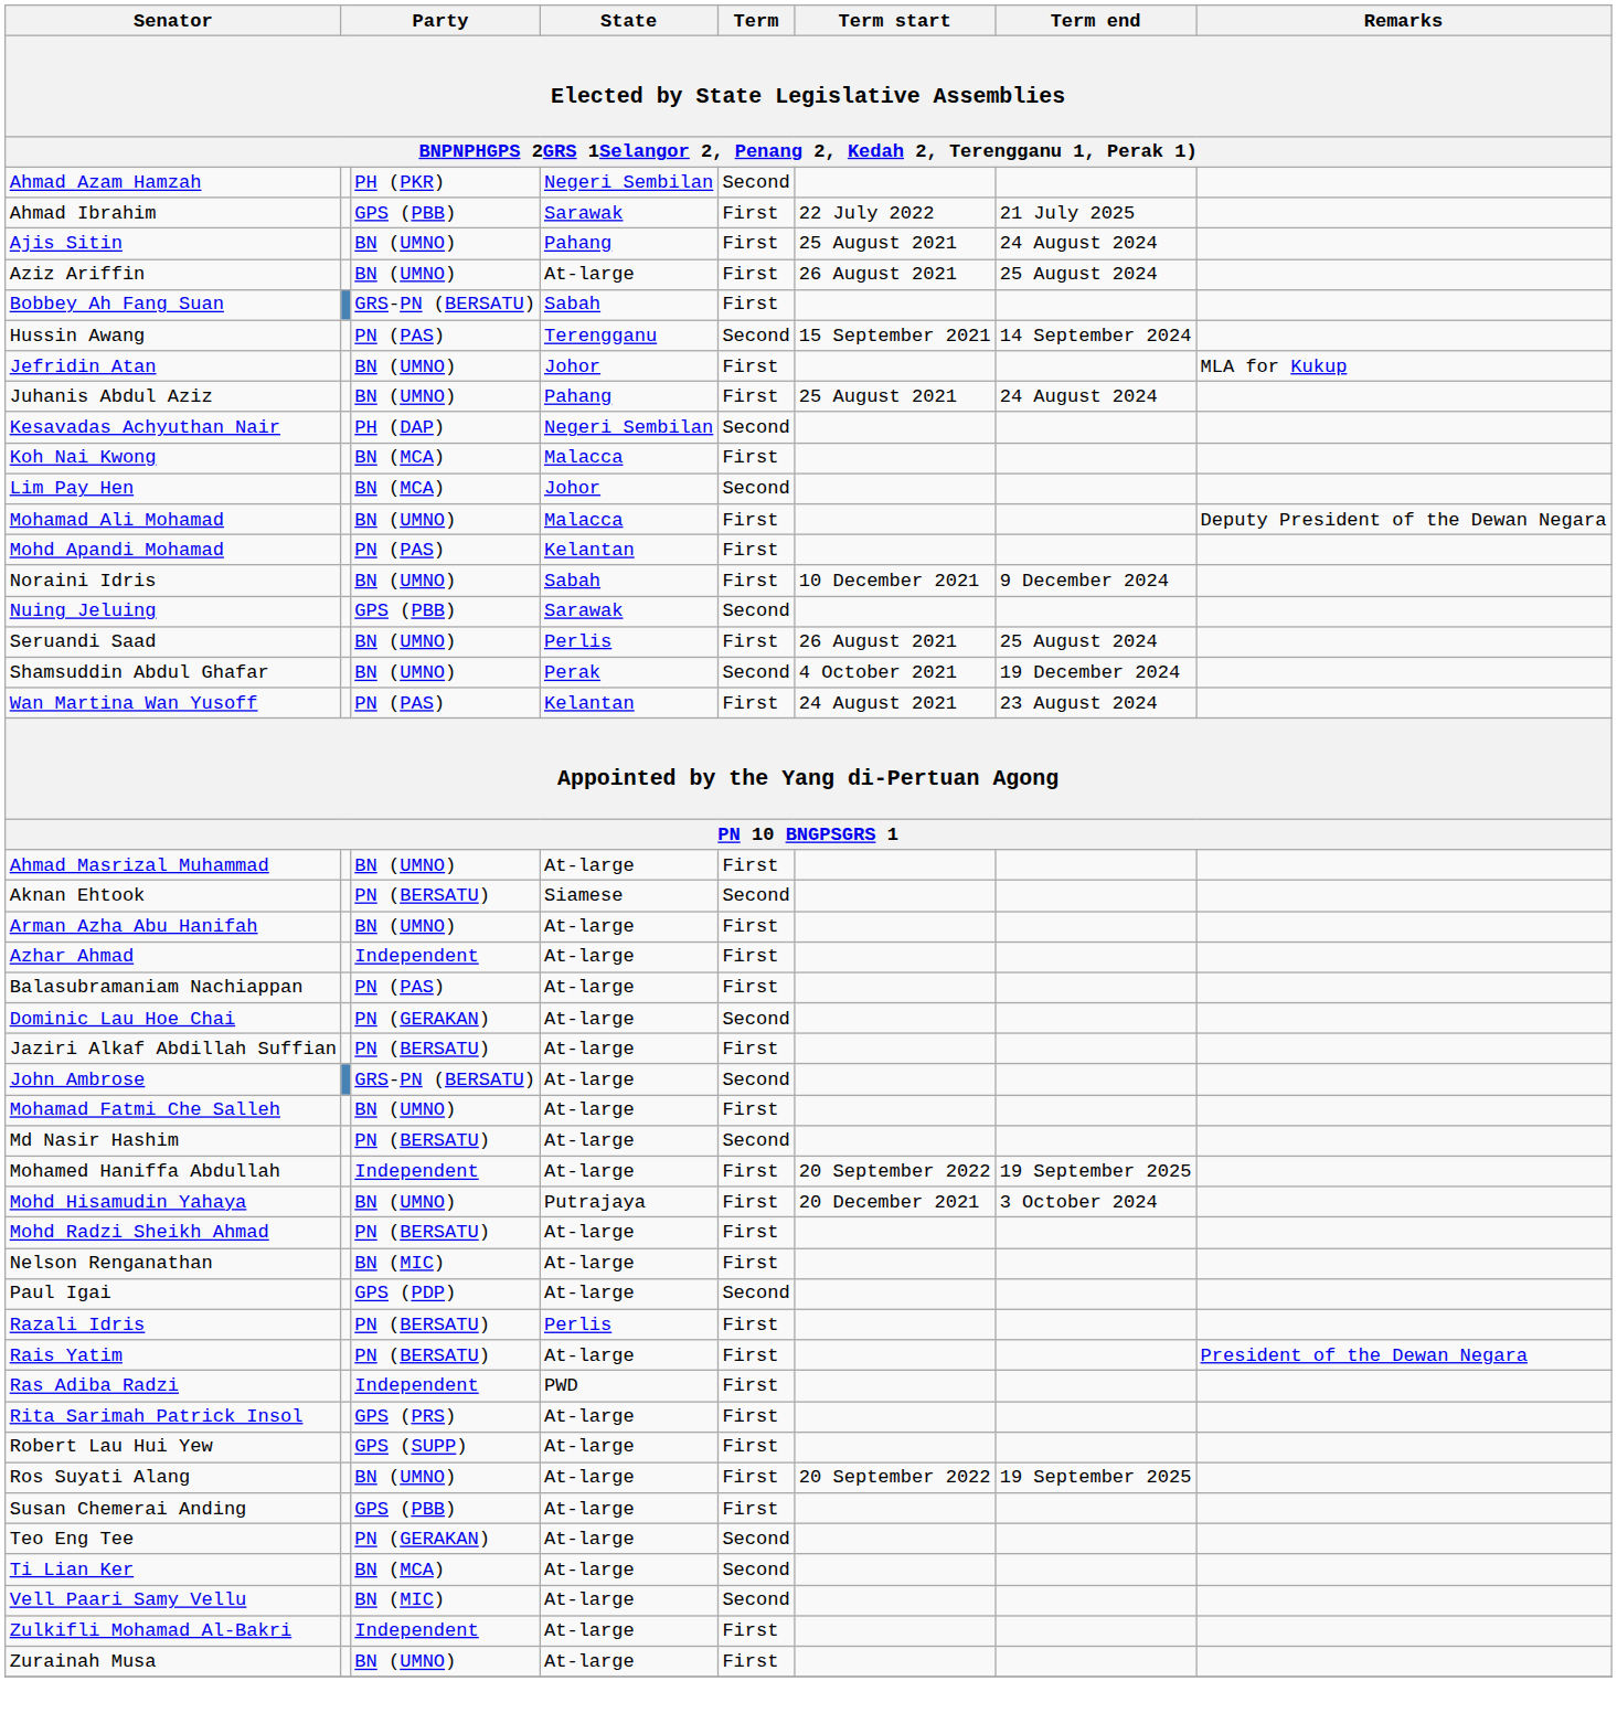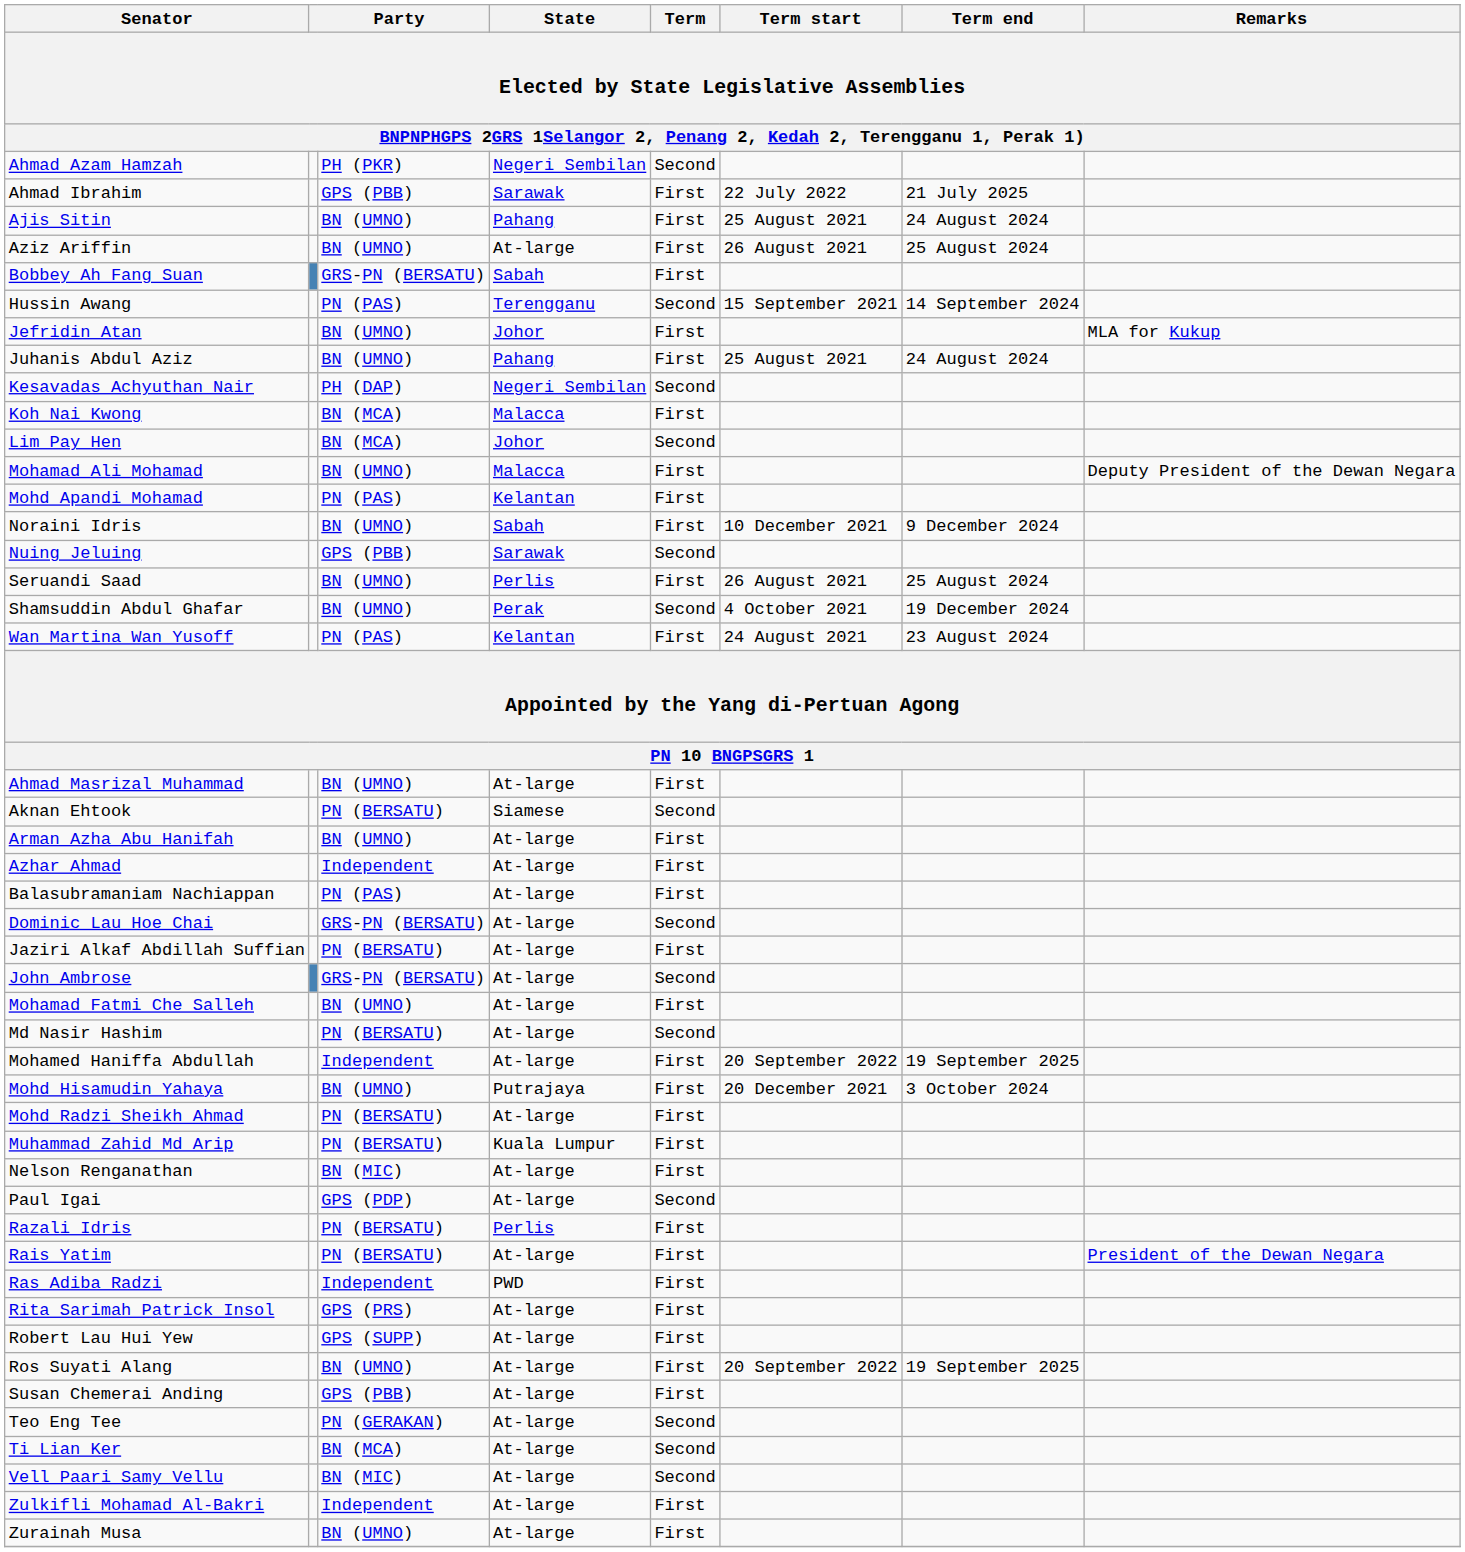 <table class="wikitable sortable">
 <tr>
 <th>Senator</th>
 <th colspan="2">Party</th>
 <th>State</th>
 <th>Term</th>
 <th>Term start</th>
 <th>Term end</th>
 <th>Remarks</th>
 </tr>
 <tr>
 <th colspan="8"><br><h3>Elected by State Legislative Assemblies</h3></th>
 </tr>
 <tr>
 <th colspan="8"><a href='#'>BN</a><a href='#'>PN</a><a href='#'>PH</a><a href='#'>GPS</a> <strong>2</strong><a href='#'>GRS</a> <strong>1</strong><a href='#'>Selangor</a> 2, <a href='#'>Penang</a> 2, <a href='#'>Kedah</a> 2, Terengganu 1, Perak 1)</th>
 </tr>
 <tr>
 <td><a href='#'>Ahmad Azam Hamzah</a></td>
 <td></td>
 <td><a href='#'>PH</a> (<a href='#'>PKR</a>)</td>
 <td><a href='#'>Negeri Sembilan</a></td>
 <td>Second</td>
 <td></td>
 <td></td>
 <td></td>
 </tr>
 <tr>
 <td>Ahmad Ibrahim</td>
 <td></td>
 <td><a href='#'>GPS</a> (<a href='#'>PBB</a>)</td>
 <td><a href='#'>Sarawak</a></td>
 <td>First</td>
 <td>22 July 2022</td>
 <td>21 July 2025</td>
 <td></td>
 </tr>
 <tr>
 <td><a href='#'>Ajis Sitin</a></td>
 <td></td>
 <td><a href='#'>BN</a> (<a href='#'>UMNO</a>)</td>
 <td><a href='#'>Pahang</a></td>
 <td>First</td>
 <td>25 August 2021</td>
 <td>24 August 2024</td>
 <td></td>
 </tr>
 <tr>
 <td>Aziz Ariffin</td>
 <td></td>
 <td><a href='#'>BN</a> (<a href='#'>UMNO</a>)</td>
 <td>At-large</td>
 <td>First</td>
 <td>26 August 2021</td>
 <td>25 August 2024</td>
 <td></td>
 </tr>
 <tr>
 <td><a href='#'>Bobbey Ah Fang Suan</a></td>
 <td style="background-color: #4682B4;"></td>
 <td><a href='#'>GRS</a>-<a href='#'>PN</a> (<a href='#'>BERSATU</a>)</td>
 <td><a href='#'>Sabah</a></td>
 <td>First</td>
 <td></td>
 <td></td>
 <td></td>
 </tr>
 <tr>
 <td>Hussin Awang</td>
 <td></td>
 <td><a href='#'>PN</a> (<a href='#'>PAS</a>)</td>
 <td><a href='#'>Terengganu</a></td>
 <td>Second</td>
 <td>15 September 2021</td>
 <td>14 September 2024</td>
 <td></td>
 </tr>
 <tr>
 <td><a href='#'>Jefridin Atan</a></td>
 <td></td>
 <td><a href='#'>BN</a> (<a href='#'>UMNO</a>)</td>
 <td><a href='#'>Johor</a></td>
 <td>First</td>
 <td></td>
 <td></td>
 <td>MLA for <a href='#'>Kukup</a></td>
 </tr>
 <tr>
 <td>Juhanis Abdul Aziz</td>
 <td></td>
 <td><a href='#'>BN</a> (<a href='#'>UMNO</a>)</td>
 <td><a href='#'>Pahang</a></td>
 <td>First</td>
 <td>25 August 2021</td>
 <td>24 August 2024</td>
 <td></td>
 </tr>
 <tr>
 <td><a href='#'>Kesavadas Achyuthan Nair</a></td>
 <td></td>
 <td><a href='#'>PH</a> (<a href='#'>DAP</a>)</td>
 <td><a href='#'>Negeri Sembilan</a></td>
 <td>Second</td>
 <td></td>
 <td></td>
 <td></td>
 </tr>
 <tr>
 <td><a href='#'>Koh Nai Kwong</a></td>
 <td></td>
 <td><a href='#'>BN</a> (<a href='#'>MCA</a>)</td>
 <td><a href='#'>Malacca</a></td>
 <td>First</td>
 <td></td>
 <td></td>
 <td></td>
 </tr>
 <tr>
 <td><a href='#'>Lim Pay Hen</a></td>
 <td></td>
 <td><a href='#'>BN</a> (<a href='#'>MCA</a>)</td>
 <td><a href='#'>Johor</a></td>
 <td>Second</td>
 <td></td>
 <td></td>
 <td></td>
 </tr>
 <tr>
 <td><a href='#'>Mohamad Ali Mohamad</a></td>
 <td></td>
 <td><a href='#'>BN</a> (<a href='#'>UMNO</a>)</td>
 <td><a href='#'>Malacca</a></td>
 <td>First</td>
 <td></td>
 <td></td>
 <td>Deputy President of the Dewan Negara</td>
 </tr>
 <tr>
 <td><a href='#'>Mohd Apandi Mohamad</a></td>
 <td></td>
 <td><a href='#'>PN</a> (<a href='#'>PAS</a>)</td>
 <td><a href='#'>Kelantan</a></td>
 <td>First</td>
 <td></td>
 <td></td>
 <td></td>
 </tr>
 <tr>
 <td>Noraini Idris</td>
 <td></td>
 <td><a href='#'>BN</a> (<a href='#'>UMNO</a>)</td>
 <td><a href='#'>Sabah</a></td>
 <td>First</td>
 <td>10 December 2021</td>
 <td>9 December 2024</td>
 <td></td>
 </tr>
 <tr>
 <td><a href='#'>Nuing Jeluing</a></td>
 <td></td>
 <td><a href='#'>GPS</a> (<a href='#'>PBB</a>)</td>
 <td><a href='#'>Sarawak</a></td>
 <td>Second</td>
 <td></td>
 <td></td>
 <td></td>
 </tr>
 <tr>
 <td>Seruandi Saad</td>
 <td></td>
 <td><a href='#'>BN</a> (<a href='#'>UMNO</a>)</td>
 <td><a href='#'>Perlis</a></td>
 <td>First</td>
 <td>26 August 2021</td>
 <td>25 August 2024</td>
 <td></td>
 </tr>
 <tr>
 <td>Shamsuddin Abdul Ghafar</td>
 <td></td>
 <td><a href='#'>BN</a> (<a href='#'>UMNO</a>)</td>
 <td><a href='#'>Perak</a></td>
 <td>Second</td>
 <td>4 October 2021</td>
 <td>19 December 2024</td>
 <td></td>
 </tr>
 <tr>
 <td><a href='#'>Wan Martina Wan Yusoff</a></td>
 <td></td>
 <td><a href='#'>PN</a> (<a href='#'>PAS</a>)</td>
 <td><a href='#'>Kelantan</a></td>
 <td>First</td>
 <td>24 August 2021</td>
 <td>23 August 2024</td>
 <td></td>
 </tr>
 <tr>
 <th colspan="8"><br><h3>Appointed by the Yang di-Pertuan Agong</h3></th>
 </tr>
 <tr>
 <th colspan="8"><a href='#'>PN</a> 10 <strong><a href='#'>BN</a><a href='#'>GPS</a><a href='#'>GRS</a> </strong>1<strong></strong></th>
 </tr>
 <tr>
 <td><a href='#'>Ahmad Masrizal Muhammad</a></td>
 <td></td>
 <td><a href='#'>BN</a> (<a href='#'>UMNO</a>)</td>
 <td>At-large</td>
 <td>First</td>
 <td></td>
 <td></td>
 <td></td>
 </tr>
 <tr>
 <td>Aknan Ehtook</td>
 <td></td>
 <td><a href='#'>PN</a> (<a href='#'>BERSATU</a>)</td>
 <td>Siamese</td>
 <td>Second</td>
 <td></td>
 <td></td>
 <td></td>
 </tr>
 <tr>
 <td><a href='#'>Arman Azha Abu Hanifah</a></td>
 <td></td>
 <td><a href='#'>BN</a> (<a href='#'>UMNO</a>)</td>
 <td>At-large</td>
 <td>First</td>
 <td></td>
 <td></td>
 <td></td>
 </tr>
 <tr>
 <td><a href='#'>Azhar Ahmad</a></td>
 <td></td>
 <td><a href='#'>Independent</a></td>
 <td>At-large</td>
 <td>First</td>
 <td></td>
 <td></td>
 <td></td>
 </tr>
 <tr>
 <td>Balasubramaniam Nachiappan</td>
 <td></td>
 <td><a href='#'>PN</a> (<a href='#'>PAS</a>)</td>
 <td>At-large</td>
 <td>First</td>
 <td></td>
 <td></td>
 <td></td>
 </tr>
 <tr>
 <td><a href='#'>Dominic Lau Hoe Chai</a></td>
 <td></td>
-<td><a href='#'>PN</a> (<a href='#'>GERAKAN</a>)</td>
+<td><a href='#'>GRS</a>-<a href='#'>PN</a> (<a href='#'>BERSATU</a>)</td>
 <td>At-large</td>
 <td>Second</td>
 <td></td>
 <td></td>
 <td></td>
 </tr>
 <tr>
 <td>Jaziri Alkaf Abdillah Suffian</td>
 <td></td>
 <td><a href='#'>PN</a> (<a href='#'>BERSATU</a>)</td>
 <td>At-large</td>
 <td>First</td>
 <td></td>
 <td></td>
 <td></td>
 </tr>
 <tr>
 <td><a href='#'>John Ambrose</a></td>
 <td style="background-color: #4682b4;"></td>
 <td><a href='#'>GRS</a>-<a href='#'>PN</a> (<a href='#'>BERSATU</a>)</td>
 <td>At-large</td>
 <td>Second</td>
 <td></td>
 <td></td>
 <td></td>
 </tr>
 <tr>
 <td><a href='#'>Mohamad Fatmi Che Salleh</a></td>
 <td></td>
 <td><a href='#'>BN</a> (<a href='#'>UMNO</a>)</td>
 <td>At-large</td>
 <td>First</td>
 <td></td>
 <td></td>
 <td></td>
 </tr>
 <tr>
 <td>Md Nasir Hashim</td>
 <td></td>
 <td><a href='#'>PN</a> (<a href='#'>BERSATU</a>)</td>
 <td>At-large</td>
 <td>Second</td>
 <td></td>
 <td></td>
 <td></td>
 </tr>
 <tr>
 <td>Mohamed Haniffa Abdullah</td>
 <td></td>
 <td><a href='#'>Independent</a></td>
 <td>At-large</td>
 <td>First</td>
 <td>20 September 2022</td>
 <td>19 September 2025</td>
 <td></td>
 </tr>
 <tr>
 <td><a href='#'>Mohd Hisamudin Yahaya</a></td>
 <td></td>
 <td><a href='#'>BN</a> (<a href='#'>UMNO</a>)</td>
 <td>Putrajaya</td>
 <td>First</td>
 <td>20 December 2021</td>
 <td>3 October 2024</td>
 <td></td>
 </tr>
 <tr>
 <td><a href='#'>Mohd Radzi Sheikh Ahmad</a></td>
 <td></td>
 <td><a href='#'>PN</a> (<a href='#'>BERSATU</a>)</td>
 <td>At-large</td>
+<td>First</td>
+<td></td>
+<td></td>
+<td></td>
+</tr>
+<tr>
+<td><a href='#'>Muhammad Zahid Md Arip</a></td>
+<td></td>
+<td><a href='#'>PN</a> (<a href='#'>BERSATU</a>)</td>
+<td>Kuala Lumpur</td>
 <td>First</td>
 <td></td>
 <td></td>
 <td></td>
 </tr>
 <tr>
 <td>Nelson Renganathan</td>
 <td></td>
 <td><a href='#'>BN</a> (<a href='#'>MIC</a>)</td>
 <td>At-large</td>
 <td>First</td>
 <td></td>
 <td></td>
 <td></td>
 </tr>
 <tr>
 <td>Paul Igai</td>
 <td></td>
 <td><a href='#'>GPS</a> (<a href='#'>PDP</a>)</td>
 <td>At-large</td>
 <td>Second</td>
 <td></td>
 <td></td>
 <td></td>
 </tr>
 <tr>
 <td><a href='#'>Razali Idris</a></td>
 <td></td>
 <td><a href='#'>PN</a> (<a href='#'>BERSATU</a>)</td>
 <td><a href='#'>Perlis</a></td>
 <td>First</td>
 <td></td>
 <td></td>
 <td></td>
 </tr>
 <tr>
 <td><a href='#'>Rais Yatim</a></td>
 <td></td>
 <td><a href='#'>PN</a> (<a href='#'>BERSATU</a>)</td>
 <td>At-large</td>
 <td>First</td>
 <td></td>
 <td></td>
 <td><a href='#'>President of the Dewan Negara</a></td>
 </tr>
 <tr>
 <td><a href='#'>Ras Adiba Radzi</a></td>
 <td></td>
 <td><a href='#'>Independent</a></td>
 <td>PWD</td>
 <td>First</td>
 <td></td>
 <td></td>
 <td></td>
 </tr>
 <tr>
 <td><a href='#'>Rita Sarimah Patrick Insol</a></td>
 <td></td>
 <td><a href='#'>GPS</a> (<a href='#'>PRS</a>)</td>
 <td>At-large</td>
 <td>First</td>
 <td></td>
 <td></td>
 <td></td>
 </tr>
 <tr>
 <td>Robert Lau Hui Yew</td>
 <td></td>
 <td><a href='#'>GPS</a> (<a href='#'>SUPP</a>)</td>
 <td>At-large</td>
 <td>First</td>
 <td></td>
 <td></td>
 <td></td>
 </tr>
 <tr>
 <td>Ros Suyati Alang</td>
 <td></td>
 <td><a href='#'>BN</a> (<a href='#'>UMNO</a>)</td>
 <td>At-large</td>
 <td>First</td>
 <td>20 September 2022</td>
 <td>19 September 2025</td>
 <td></td>
 </tr>
 <tr>
 <td>Susan Chemerai Anding</td>
 <td></td>
 <td><a href='#'>GPS</a> (<a href='#'>PBB</a>)</td>
 <td>At-large</td>
 <td>First</td>
 <td></td>
 <td></td>
 <td></td>
 </tr>
 <tr>
 <td>Teo Eng Tee</td>
 <td></td>
 <td><a href='#'>PN</a> (<a href='#'>GERAKAN</a>)</td>
 <td>At-large</td>
 <td>Second</td>
 <td></td>
 <td></td>
 <td></td>
 </tr>
 <tr>
 <td><a href='#'>Ti Lian Ker</a></td>
 <td></td>
 <td><a href='#'>BN</a> (<a href='#'>MCA</a>)</td>
 <td>At-large</td>
 <td>Second</td>
 <td></td>
 <td></td>
 <td></td>
 </tr>
 <tr>
 <td><a href='#'>Vell Paari Samy Vellu</a></td>
 <td></td>
 <td><a href='#'>BN</a> (<a href='#'>MIC</a>)</td>
 <td>At-large</td>
 <td>Second</td>
 <td></td>
 <td></td>
 <td></td>
 </tr>
 <tr>
 <td><a href='#'>Zulkifli Mohamad Al-Bakri</a></td>
 <td></td>
 <td><a href='#'>Independent</a></td>
 <td>At-large</td>
 <td>First</td>
 <td></td>
 <td></td>
 <td></td>
 </tr>
 <tr>
 <td>Zurainah Musa</td>
 <td></td>
 <td><a href='#'>BN</a> (<a href='#'>UMNO</a>)</td>
 <td>At-large</td>
 <td>First</td>
 <td></td>
 <td></td>
 <td></td>
 </tr>
 <tr>
 </tr>
 </table>
